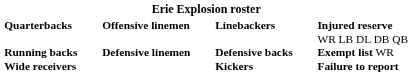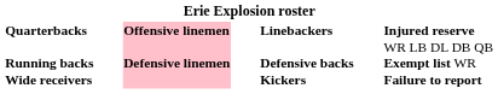 <table class="toccolours" style="text-align: left;">
 <tr>
 <th colspan="7" style="text-align:center; ">Erie Explosion roster</th>
 </tr>
 <tr>
 <td style="font-size: 95%;vertical-align:top;"><strong>Quarterbacks</strong><br> <br><strong>Running backs</strong>  <br><strong>Wide receivers</strong>      </td>
 <td style="width: 25px;"></td>
-<td style="font-size: 95%;vertical-align:top;"><strong>Offensive linemen</strong><br>    <br><strong>Defensive linemen</strong>    </td>
+<td style="background: pink; font-size: 95%;vertical-align:top;"><strong>Offensive linemen</strong><br>    <br><strong>Defensive linemen</strong>    </td>
 <td style="width: 25px;"></td>
 <td style="font-size: 95%;vertical-align:top;"><strong>Linebackers</strong><br><br><strong>Defensive backs</strong>    <br><strong>Kickers</strong>  </td>
 <td style="width: 25px;"></td>
 <td style="font-size: 95%;vertical-align:top;"><strong>Injured reserve</strong><br> WR   LB   DL  DB  QB<br><strong>Exempt list</strong>  WR<br><strong>Failure to report</strong>   <br></td>
 </tr>
 <tr>
 </tr>
 </table>
